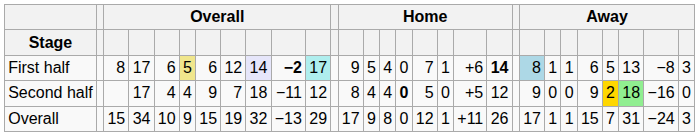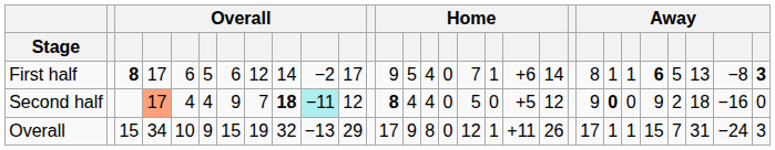 <table class="wikitable" style="text-align: right;">
 <tr>
 <th rawspan=2></th>
 <th rawspan=2></th>
 <th colspan=9>Overall</th>
 <th rawspan=1></th>
 <th colspan=8>Home</th>
 <th rawspan=1></th>
 <th colspan=8>Away</th>
 </tr>
 <tr>
 <th>Stage</th>
 <th></th>
 <th></th>
 <th></th>
 <th></th>
 <th></th>
 <th></th>
 <th></th>
 <th></th>
 <th></th>
 <th></th>
 <th></th>
 <th></th>
 <th></th>
 <th></th>
 <th></th>
 <th></th>
 <th></th>
 <th></th>
 <th></th>
 <th></th>
 <th></th>
 <th></th>
 <th></th>
 <th></th>
 <th></th>
 <th></th>
 <th></th>
 <th></th>
 </tr>
 <tr>
 <td align="left">First half</td>
 <td></td>
-<td>8</td>
+<td><strong>8</strong></td>
 <td>17</td>
 <td>6</td>
-<td style="background: khaki;">5</td>
+<td>5</td>
 <td>6</td>
 <td>12</td>
-<td style="background: lavender;">14</td>
-<td><strong>−2</strong></td>
-<td style="background: paleturquoise;">17</td>
+<td>14</td>
+<td>−2</td>
+<td>17</td>
 <td></td>
 <td>9</td>
 <td>5</td>
 <td>4</td>
 <td>0</td>
 <td>7</td>
 <td>1</td>
 <td>+6</td>
-<td><strong>14</strong></td>
+<td>14</td>
 <td></td>
-<td style="background: lightblue;">8</td>
+<td>8</td>
 <td>1</td>
 <td>1</td>
-<td>6</td>
+<td><strong>6</strong></td>
 <td>5</td>
 <td>13</td>
 <td>−8</td>
-<td>3</td>
+<td><strong>3</strong></td>
 </tr>
 <tr>
 <td align="left">Second half</td>
 <td></td>
 <td></td>
-<td>17</td>
+<td style="background: lightsalmon;">17</td>
 <td>4</td>
 <td>4</td>
 <td>9</td>
 <td>7</td>
-<td>18</td>
-<td>−11</td>
+<td><strong>18</strong></td>
+<td style="background: paleturquoise;">−11</td>
 <td>12</td>
 <td></td>
-<td>8</td>
+<td><strong>8</strong></td>
 <td>4</td>
 <td>4</td>
-<td><strong>0</strong></td>
+<td>0</td>
 <td>5</td>
 <td>0</td>
 <td>+5</td>
 <td>12</td>
 <td></td>
 <td>9</td>
-<td>0</td>
+<td><strong>0</strong></td>
 <td>0</td>
 <td>9</td>
-<td style="background: gold;">2</td>
-<td style="background: lightgreen;">18</td>
+<td>2</td>
+<td>18</td>
 <td>−16</td>
 <td>0</td>
 </tr>
 <tr>
 <td align="left">Overall</td>
 <td></td>
 <td>15</td>
 <td>34</td>
 <td>10</td>
 <td>9</td>
 <td>15</td>
 <td>19</td>
 <td>32</td>
 <td>−13</td>
 <td>29</td>
 <td></td>
 <td>17</td>
 <td>9</td>
 <td>8</td>
 <td>0</td>
 <td>12</td>
 <td>1</td>
 <td>+11</td>
 <td>26</td>
 <td></td>
 <td>17</td>
 <td>1</td>
 <td>1</td>
 <td>15</td>
 <td>7</td>
 <td>31</td>
 <td>−24</td>
 <td>3</td>
 </tr>
 </table>
